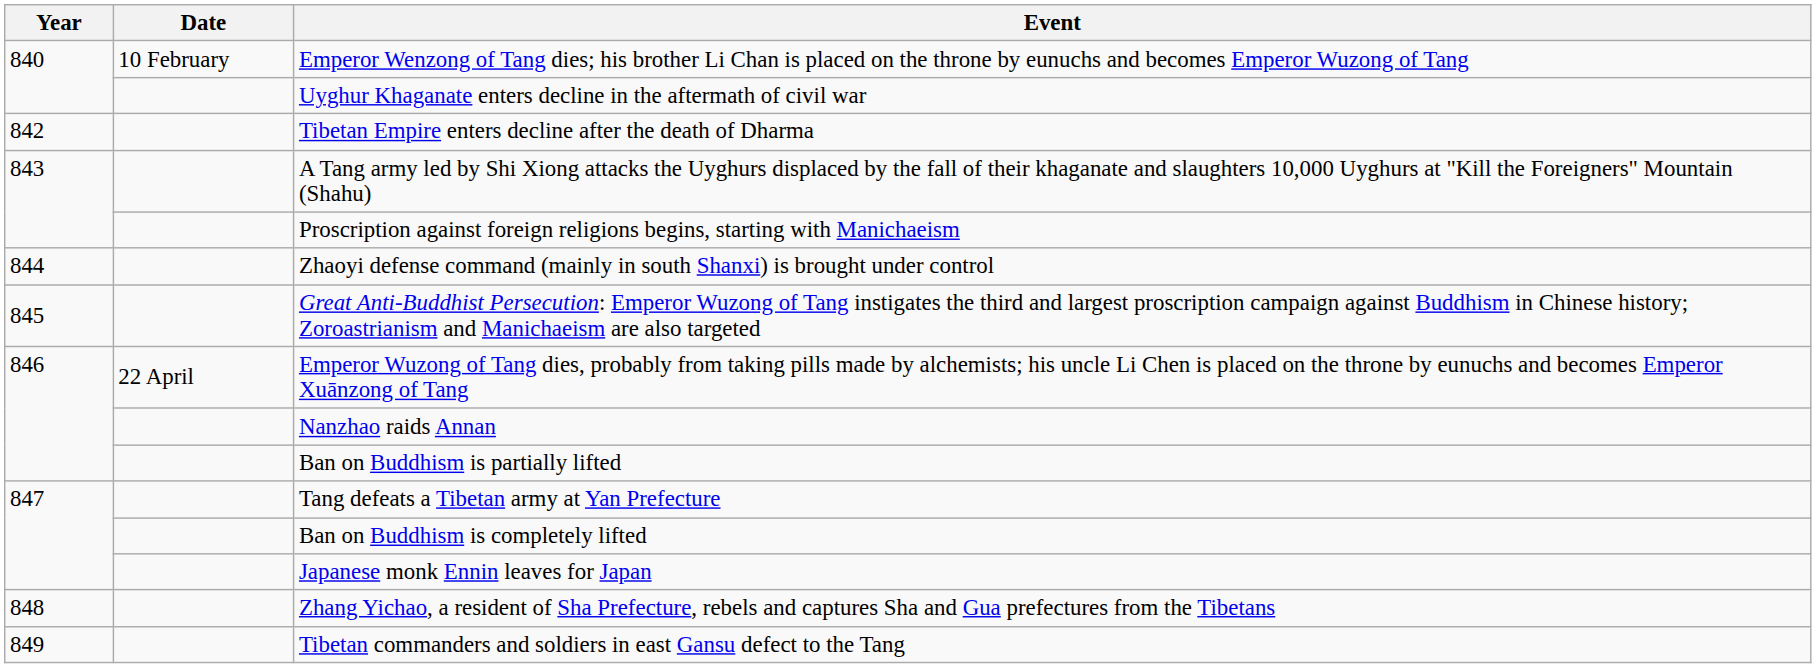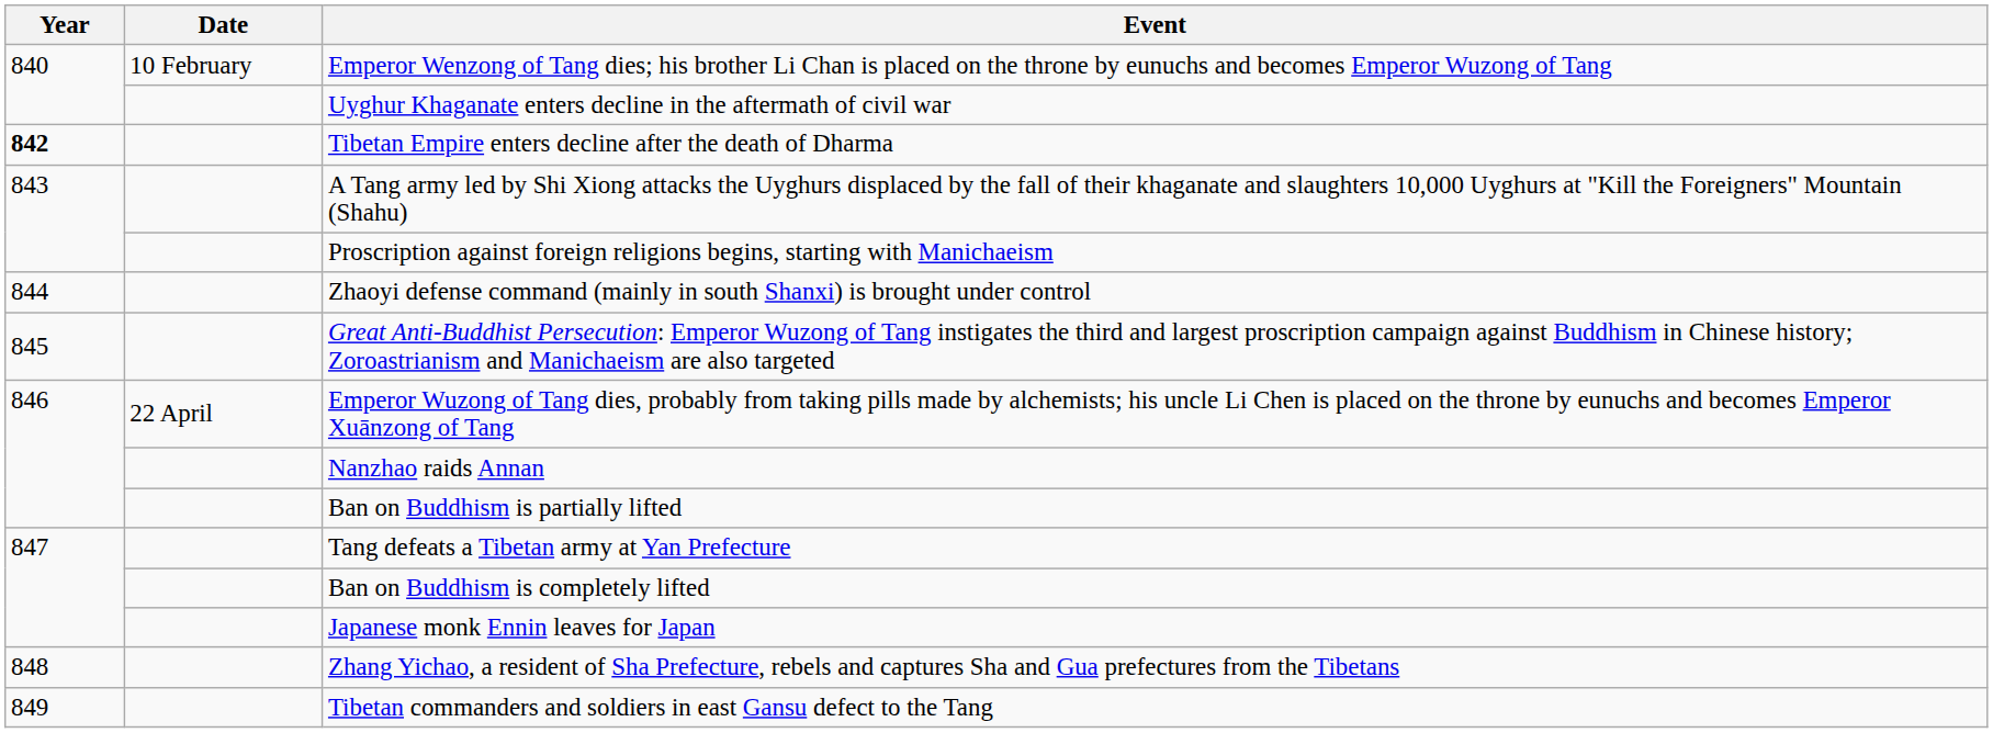 <table class="wikitable" width="100%">
 <tr>
 <th style="width:6%">Year</th>
 <th style="width:10%">Date</th>
 <th>Event</th>
 </tr>
 <tr>
 <td rowspan="2" valign="top">840</td>
 <td>10 February</td>
 <td><a href='#'>Emperor Wenzong of Tang</a> dies; his brother Li Chan is placed on the throne by eunuchs and becomes <a href='#'>Emperor Wuzong of Tang</a></td>
 </tr>
 <tr>
 <td></td>
 <td><a href='#'>Uyghur Khaganate</a> enters decline in the aftermath of civil war</td>
 </tr>
 <tr>
-<td>842</td>
+<td><strong>842</strong></td>
 <td></td>
 <td><a href='#'>Tibetan Empire</a> enters decline after the death of Dharma</td>
 </tr>
 <tr>
 <td rowspan="2" valign="top">843</td>
 <td></td>
 <td>A Tang army led by Shi Xiong attacks the Uyghurs displaced by the fall of their khaganate and slaughters 10,000 Uyghurs at "Kill the Foreigners" Mountain (Shahu)</td>
 </tr>
 <tr>
 <td></td>
 <td>Proscription against foreign religions begins, starting with <a href='#'>Manichaeism</a></td>
 </tr>
 <tr>
 <td>844</td>
 <td></td>
 <td>Zhaoyi defense command (mainly in south <a href='#'>Shanxi</a>) is brought under control</td>
 </tr>
 <tr>
 <td>845</td>
 <td></td>
 <td><em><a href='#'>Great Anti-Buddhist Persecution</a></em>: <a href='#'>Emperor Wuzong of Tang</a> instigates the third and largest proscription campaign against <a href='#'>Buddhism</a> in Chinese history; <a href='#'>Zoroastrianism</a> and <a href='#'>Manichaeism</a> are also targeted</td>
 </tr>
 <tr>
 <td rowspan="3" valign="top">846</td>
 <td>22 April</td>
 <td><a href='#'>Emperor Wuzong of Tang</a> dies, probably from taking pills made by alchemists; his uncle Li Chen is placed on the throne by eunuchs and becomes <a href='#'>Emperor Xuānzong of Tang</a></td>
 </tr>
 <tr>
 <td></td>
 <td><a href='#'>Nanzhao</a> raids <a href='#'>Annan</a></td>
 </tr>
 <tr>
 <td></td>
 <td>Ban on <a href='#'>Buddhism</a> is partially lifted</td>
 </tr>
 <tr>
 <td rowspan="3" valign="top">847</td>
 <td></td>
 <td>Tang defeats a <a href='#'>Tibetan</a> army at <a href='#'>Yan Prefecture</a></td>
 </tr>
 <tr>
 <td></td>
 <td>Ban on <a href='#'>Buddhism</a> is completely lifted</td>
 </tr>
 <tr>
 <td></td>
 <td><a href='#'>Japanese</a> monk <a href='#'>Ennin</a> leaves for <a href='#'>Japan</a></td>
 </tr>
 <tr>
 <td>848</td>
 <td></td>
 <td><a href='#'>Zhang Yichao</a>, a resident of <a href='#'>Sha Prefecture</a>, rebels and captures Sha and <a href='#'>Gua</a> prefectures from the <a href='#'>Tibetans</a></td>
 </tr>
 <tr>
 <td>849</td>
 <td></td>
 <td><a href='#'>Tibetan</a> commanders and soldiers in east <a href='#'>Gansu</a> defect to the Tang</td>
 </tr>
 </table>
